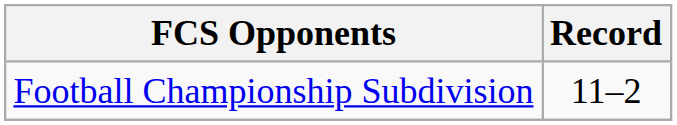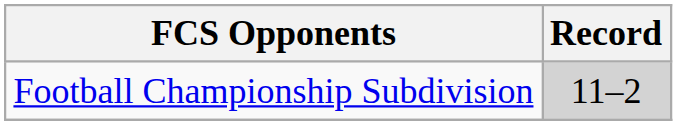 <table class="wikitable">
 <tr>
 <th>FCS Opponents</th>
 <th>Record</th>
 </tr>
 <tr>
 <td><a href='#'>Football Championship Subdivision</a></td>
-<td align=center>11–2</td>
+<td align=center style="background: lightgrey;">11–2</td>
 </tr>
 <tr>
 </tr>
 </table>
